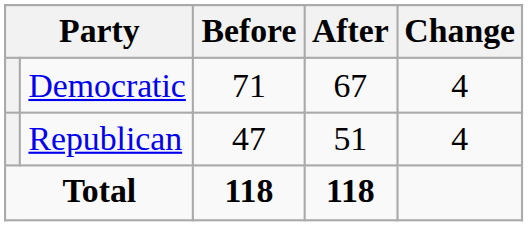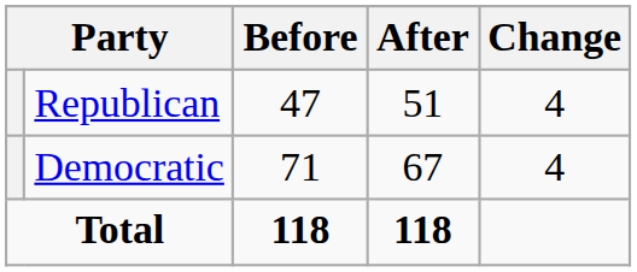 <table class="wikitable" style="text-align:center;">
 <tr>
 </tr>
 <tr>
 <th colspan=2>Party</th>
 <th>Before</th>
 <th>After</th>
 <th>Change</th>
 </tr>
 <tr>
 <th style="background-color:"></th>
-<td style="text-align:left;"><a href='#'>Democratic</a></td>
-<td>71</td>
-<td>67</td>
+<td style="text-align:left;"><a href='#'>Republican</a></td>
+<td>47</td>
+<td>51</td>
 <td> 4</td>
 </tr>
 <tr>
 <th style="background-color:"></th>
-<td style="text-align:left;"><a href='#'>Republican</a></td>
-<td>47</td>
-<td>51</td>
+<td style="text-align:left;"><a href='#'>Democratic</a></td>
+<td>71</td>
+<td>67</td>
 <td> 4</td>
 </tr>
 <tr>
 <td colspan=2><strong>Total</strong></td>
 <td><strong>118</strong></td>
 <td><strong>118</strong></td>
 <td></td>
 </tr>
 </table>
